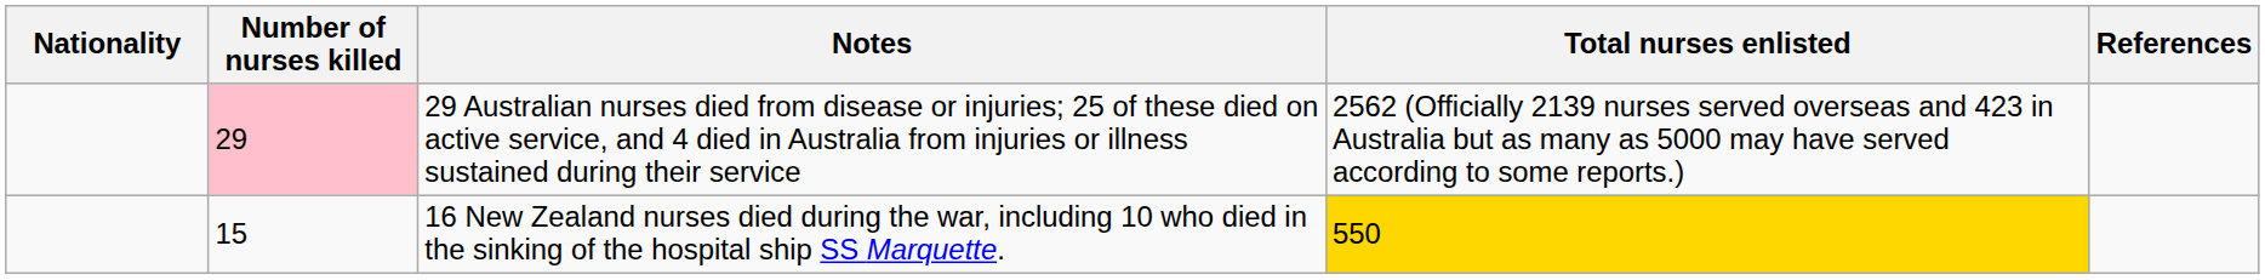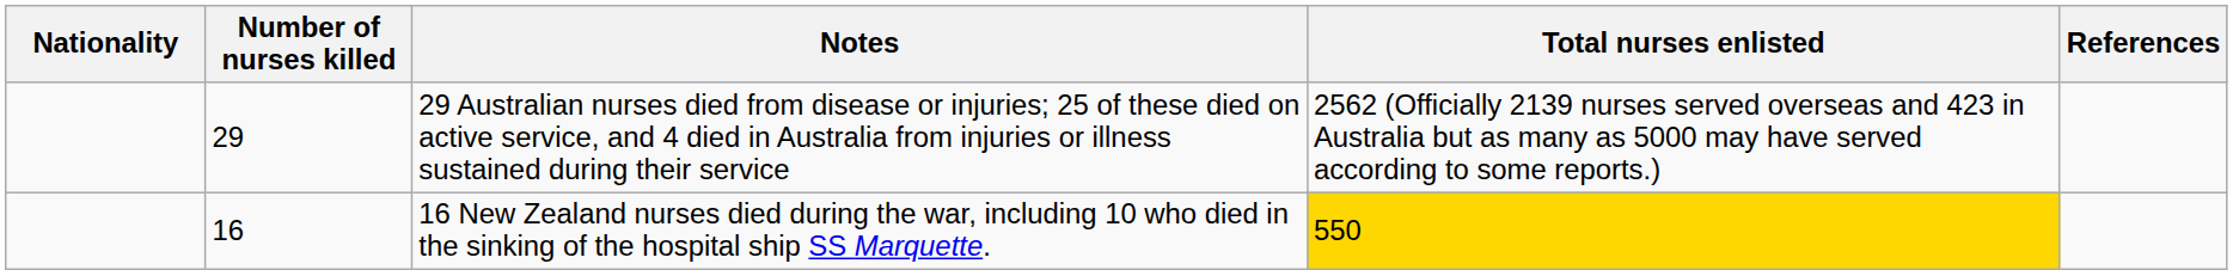 <table class="wikitable sortable" style="font-size: 100%;">
 <tr>
 <th style="width:9%;">Nationality</th>
 <th>Number of nurses killed</th>
 <th>Notes</th>
 <th>Total nurses enlisted</th>
 <th style="width:1%;" class="unsortable">References</th>
 </tr>
 <tr>
 <td></td>
-<td style="background: pink;">29</td>
+<td>29</td>
 <td>29 Australian nurses died from disease or injuries; 25 of these died on active service, and 4 died in Australia from injuries or illness sustained during their service</td>
 <td>2562 (Officially 2139 nurses served overseas and 423 in Australia but as many as 5000 may have served according to some reports.)</td>
 <td></td>
 </tr>
 <tr>
 <td></td>
-<td>15</td>
+<td>16</td>
 <td>16 New Zealand nurses died during the war, including 10 who died in the sinking of the hospital ship <a href='#'>SS <em>Marquette</em></a>.</td>
 <td style="background: gold;">550</td>
 <td></td>
 </tr>
 </table>
